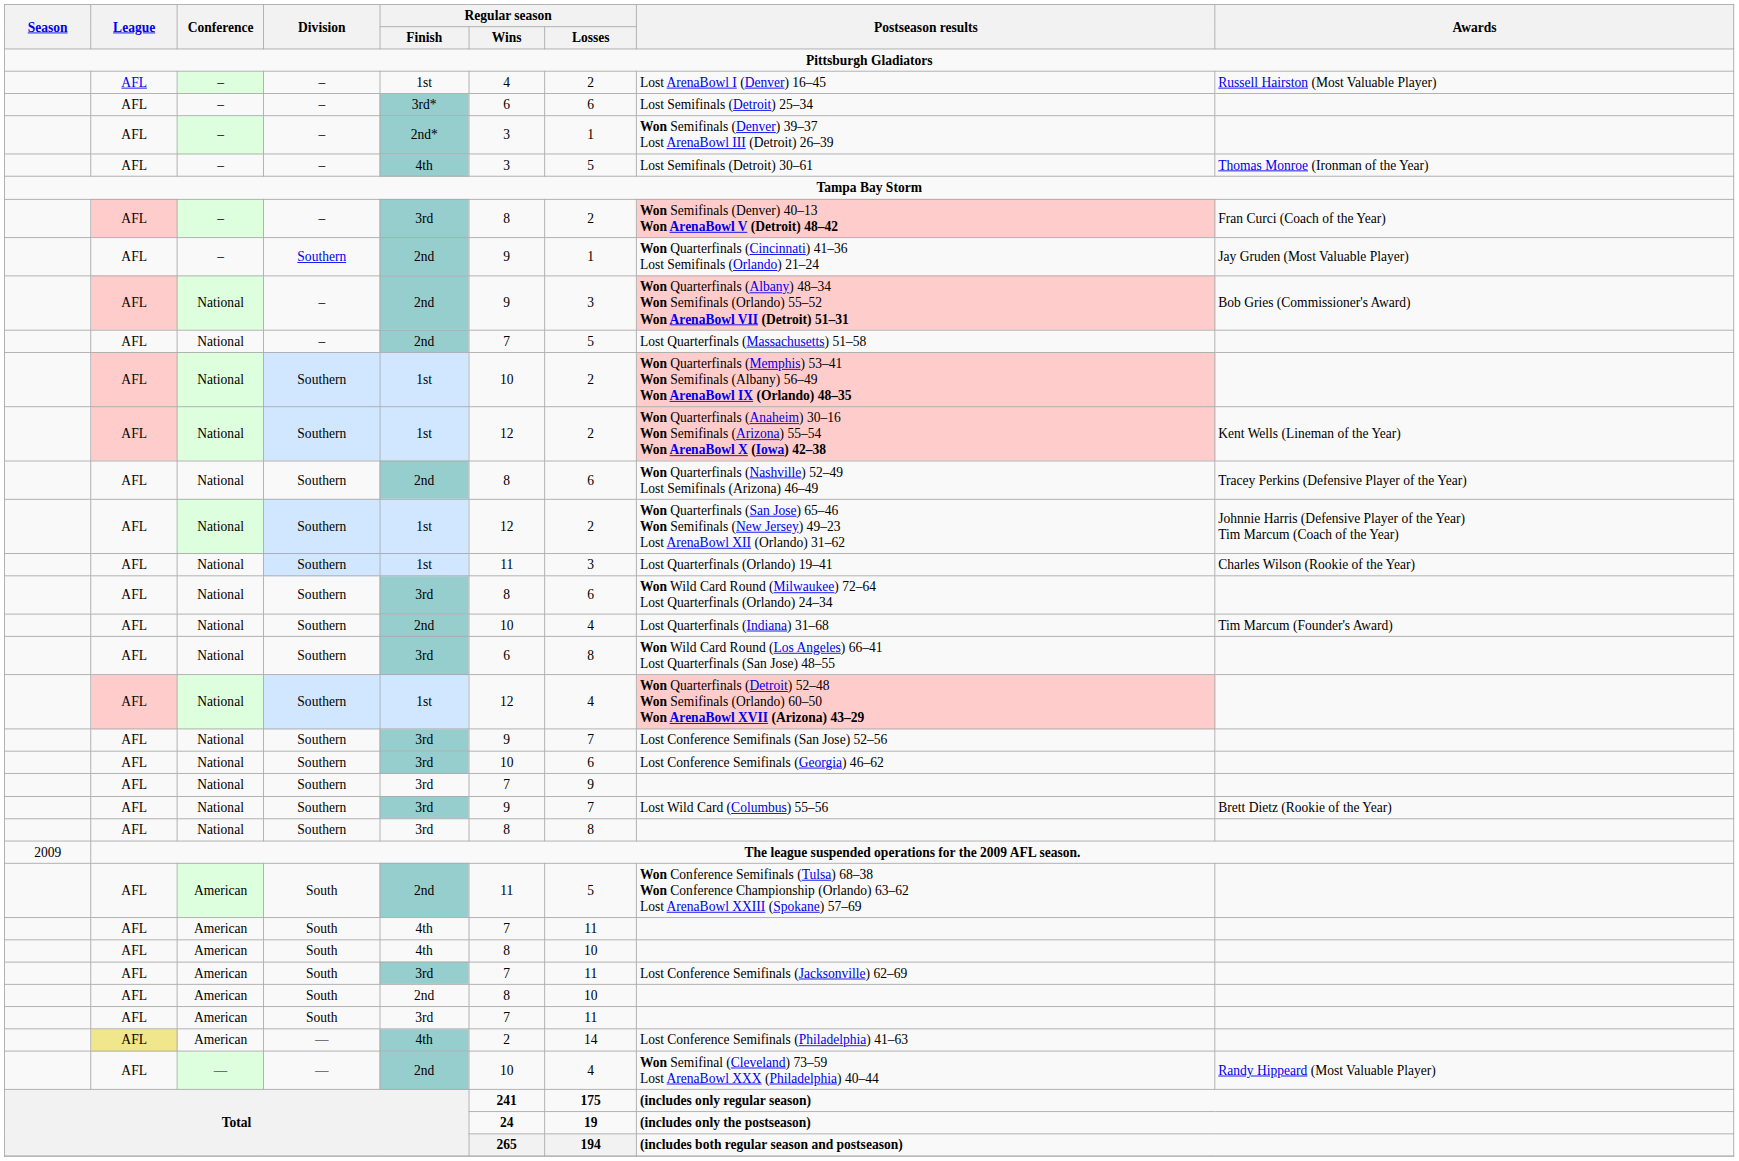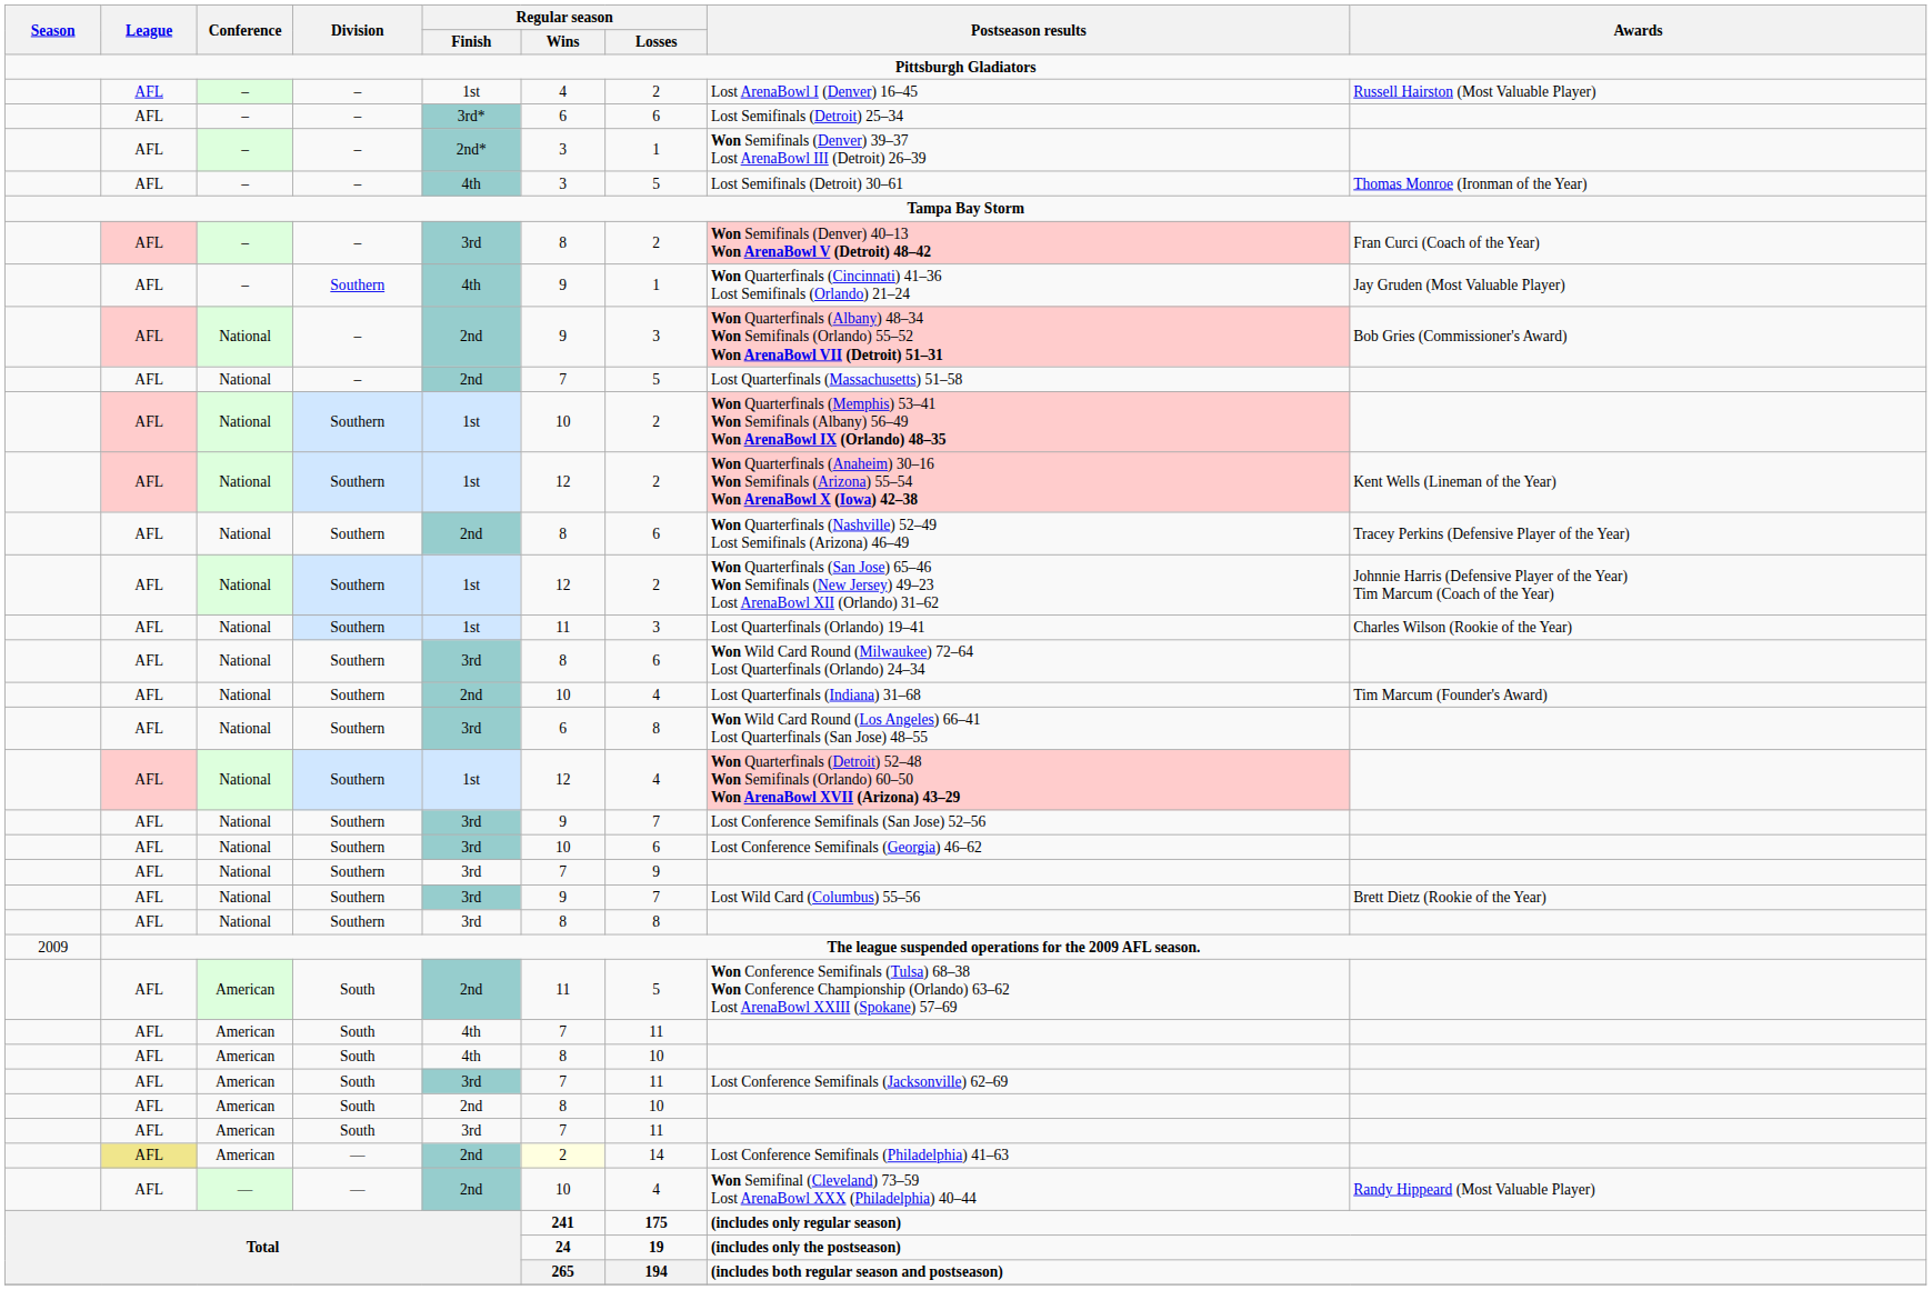 <table class="wikitable" style="font-size: 95%; width:98%;">
 <tr>
 <th rowspan="2" style="width:5%;"><a href='#'>Season</a></th>
 <th rowspan="2" style="width:5%;"><a href='#'>League</a></th>
 <th rowspan="2" style="width:5%;">Conference</th>
 <th rowspan="2">Division</th>
 <th colspan="3">Regular season</th>
 <th rowspan="2">Postseason results</th>
 <th rowspan="2" style="width:30%;">Awards</th>
 </tr>
 <tr>
 <th>Finish</th>
 <th>Wins</th>
 <th>Losses</th>
 </tr>
 <tr>
 <td align="center" Colspan="9"><strong>Pittsburgh Gladiators</strong></td>
 </tr>
 <tr>
 <td align="center"></td>
 <td align="center"><a href='#'>AFL</a></td>
 <td align="center" bgcolor="#DDFFDD">–</td>
 <td align="center">–</td>
 <td align="center">1st</td>
 <td align="center">4</td>
 <td align="center">2</td>
 <td>Lost <a href='#'>ArenaBowl I</a> (<a href='#'>Denver</a>) 16–45</td>
 <td><a href='#'>Russell Hairston</a> (Most Valuable Player)</td>
 </tr>
 <tr>
 <td align="center"></td>
 <td align="center">AFL</td>
 <td align="center">–</td>
 <td align="center">–</td>
 <td align="center" bgcolor="#96CDCD">3rd*</td>
 <td align="center">6</td>
 <td align="center">6</td>
 <td>Lost Semifinals (<a href='#'>Detroit</a>) 25–34</td>
 <td></td>
 </tr>
 <tr>
 <td align="center"></td>
 <td align="center">AFL</td>
 <td align="center" bgcolor="#DDFFDD">–</td>
 <td align="center">–</td>
 <td align="center" bgcolor="#96CDCD">2nd*</td>
 <td align="center">3</td>
 <td align="center">1</td>
 <td><strong>Won</strong> Semifinals (<a href='#'>Denver</a>) 39–37 <br> Lost <a href='#'>ArenaBowl III</a> (Detroit) 26–39</td>
 <td></td>
 </tr>
 <tr>
 <td align="center"></td>
 <td align="center">AFL</td>
 <td align="center">–</td>
 <td align="center">–</td>
 <td align="center" bgcolor="#96CDCD">4th</td>
 <td align="center">3</td>
 <td align="center">5</td>
 <td>Lost Semifinals (Detroit) 30–61</td>
 <td><a href='#'>Thomas Monroe</a> (Ironman of the Year)</td>
 </tr>
 <tr>
 <td align="center" Colspan="9"><strong>Tampa Bay Storm</strong></td>
 </tr>
 <tr>
 <td align="center"></td>
 <td align="center" style="background: #FFCCCC;">AFL</td>
 <td align="center" bgcolor="#DDFFDD">–</td>
 <td align="center">–</td>
 <td align="center" bgcolor="#96CDCD">3rd</td>
 <td align="center">8</td>
 <td align="center">2</td>
 <td style="background: #FFCCCC;"><strong>Won</strong> Semifinals (Denver) 40–13 <br><strong>Won <a href='#'>ArenaBowl V</a> (Detroit) 48–42</strong></td>
 <td>Fran Curci (Coach of the Year)</td>
 </tr>
 <tr>
 <td align="center"></td>
 <td align="center">AFL</td>
 <td align="center">–</td>
 <td align="center"><a href='#'>Southern</a></td>
-<td align="center" bgcolor="#96CDCD">2nd</td>
+<td align="center" bgcolor="#96CDCD">4th</td>
 <td align="center">9</td>
 <td align="center">1</td>
 <td><strong>Won</strong> Quarterfinals (<a href='#'>Cincinnati</a>) 41–36 <br> Lost Semifinals (<a href='#'>Orlando</a>) 21–24</td>
 <td>Jay Gruden (Most Valuable Player)</td>
 </tr>
 <tr>
 <td align="center"></td>
 <td align="center" style="background: #FFCCCC;">AFL</td>
 <td align="center" bgcolor="#DDFFDD">National</td>
 <td align="center">–</td>
 <td align="center" bgcolor="#96CDCD">2nd</td>
 <td align="center">9</td>
 <td align="center">3</td>
 <td style="background: #FFCCCC;"><strong>Won</strong> Quarterfinals (<a href='#'>Albany</a>) 48–34 <br> <strong>Won</strong> Semifinals (Orlando) 55–52 <br> <strong>Won <a href='#'>ArenaBowl VII</a> (Detroit) 51–31</strong></td>
 <td>Bob Gries (Commissioner's Award)</td>
 </tr>
 <tr>
 <td align="center"></td>
 <td align="center">AFL</td>
 <td align="center">National</td>
 <td align="center">–</td>
 <td align="center" bgcolor="#96CDCD">2nd</td>
 <td align="center">7</td>
 <td align="center">5</td>
 <td>Lost Quarterfinals (<a href='#'>Massachusetts</a>) 51–58</td>
 <td></td>
 </tr>
 <tr>
 <td align="center"></td>
 <td align="center" style="background: #FFCCCC;">AFL</td>
 <td align="center" bgcolor="#DDFFDD">National</td>
 <td align="center" style="background: #D0E7FF;">Southern</td>
 <td align="center" style="background: #D0E7FF;">1st</td>
 <td align="center">10</td>
 <td align="center">2</td>
 <td style="background: #FFCCCC;"><strong>Won</strong> Quarterfinals (<a href='#'>Memphis</a>) 53–41 <br> <strong>Won</strong> Semifinals (Albany) 56–49 <br> <strong>Won <a href='#'>ArenaBowl IX</a> (Orlando) 48–35</strong></td>
 <td></td>
 </tr>
 <tr>
 <td align="center"></td>
 <td align="center" style="background: #FFCCCC;">AFL</td>
 <td align="center" bgcolor="#DDFFDD">National</td>
 <td align="center" style="background: #D0E7FF;">Southern</td>
 <td align="center" style="background: #D0E7FF;">1st</td>
 <td align="center">12</td>
 <td align="center">2</td>
 <td style="background: #FFCCCC;"><strong>Won</strong> Quarterfinals (<a href='#'>Anaheim</a>) 30–16 <br> <strong>Won</strong> Semifinals (<a href='#'>Arizona</a>) 55–54 <br> <strong>Won <a href='#'>ArenaBowl X</a> (<a href='#'>Iowa</a>) 42–38</strong></td>
 <td>Kent Wells (Lineman of the Year)</td>
 </tr>
 <tr>
 <td align="center"></td>
 <td align="center">AFL</td>
 <td align="center">National</td>
 <td align="center">Southern</td>
 <td align="center" bgcolor="#96CDCD">2nd</td>
 <td align="center">8</td>
 <td align="center">6</td>
 <td><strong>Won</strong> Quarterfinals (<a href='#'>Nashville</a>) 52–49<br> Lost Semifinals (Arizona) 46–49</td>
 <td>Tracey Perkins (Defensive Player of the Year)</td>
 </tr>
 <tr>
 <td align="center"></td>
 <td align="center">AFL</td>
 <td align="center" bgcolor="#DDFFDD">National</td>
 <td align="center" style="background: #D0E7FF;">Southern</td>
 <td align="center" style="background: #D0E7FF;">1st</td>
 <td align="center">12</td>
 <td align="center">2</td>
 <td><strong>Won</strong> Quarterfinals (<a href='#'>San Jose</a>) 65–46 <br> <strong>Won</strong> Semifinals (<a href='#'>New Jersey</a>) 49–23 <br> Lost <a href='#'>ArenaBowl XII</a> (Orlando) 31–62</td>
 <td>Johnnie Harris (Defensive Player of the Year) <br> Tim Marcum (Coach of the Year)</td>
 </tr>
 <tr>
 <td align="center"></td>
 <td align="center">AFL</td>
 <td align="center">National</td>
 <td align="center" style="background: #D0E7FF;">Southern</td>
 <td align="center" style="background: #D0E7FF;">1st</td>
 <td align="center">11</td>
 <td align="center">3</td>
 <td>Lost Quarterfinals (Orlando) 19–41</td>
 <td>Charles Wilson (Rookie of the Year)</td>
 </tr>
 <tr>
 <td align="center"></td>
 <td align="center">AFL</td>
 <td align="center">National</td>
 <td align="center">Southern</td>
 <td align="center" bgcolor="#96CDCD">3rd</td>
 <td align="center">8</td>
 <td align="center">6</td>
 <td><strong>Won</strong> Wild Card Round (<a href='#'>Milwaukee</a>) 72–64 <br> Lost Quarterfinals (Orlando) 24–34</td>
 <td></td>
 </tr>
 <tr>
 <td align="center"></td>
 <td align="center">AFL</td>
 <td align="center">National</td>
 <td align="center">Southern</td>
 <td align="center" bgcolor="#96CDCD">2nd</td>
 <td align="center">10</td>
 <td align="center">4</td>
 <td>Lost Quarterfinals (<a href='#'>Indiana</a>) 31–68</td>
 <td>Tim Marcum (Founder's Award)</td>
 </tr>
 <tr>
 <td align="center"></td>
 <td align="center">AFL</td>
 <td align="center">National</td>
 <td align="center">Southern</td>
 <td align="center" bgcolor="#96CDCD">3rd</td>
 <td align="center">6</td>
 <td align="center">8</td>
 <td><strong>Won</strong> Wild Card Round (<a href='#'>Los Angeles</a>) 66–41 <br> Lost Quarterfinals (San Jose) 48–55</td>
 <td></td>
 </tr>
 <tr>
 <td align="center"></td>
 <td align="center" style="background: #FFCCCC;">AFL</td>
 <td align="center" bgcolor="#DDFFDD">National</td>
 <td align="center" style="background: #D0E7FF;">Southern</td>
 <td align="center" style="background: #D0E7FF;">1st</td>
 <td align="center">12</td>
 <td align="center">4</td>
 <td style="background: #FFCCCC;"><strong>Won</strong> Quarterfinals (<a href='#'>Detroit</a>) 52–48 <br> <strong>Won</strong> Semifinals (Orlando) 60–50 <br> <strong>Won <a href='#'>ArenaBowl XVII</a> (Arizona) 43–29</strong></td>
 <td></td>
 </tr>
 <tr>
 <td align="center"></td>
 <td align="center">AFL</td>
 <td align="center">National</td>
 <td align="center">Southern</td>
 <td align="center" bgcolor="#96CDCD">3rd</td>
 <td align="center">9</td>
 <td align="center">7</td>
 <td>Lost Conference Semifinals (San Jose) 52–56</td>
 <td></td>
 </tr>
 <tr>
 <td align="center"></td>
 <td align="center">AFL</td>
 <td align="center">National</td>
 <td align="center">Southern</td>
 <td align="center" bgcolor="#96CDCD">3rd</td>
 <td align="center">10</td>
 <td align="center">6</td>
 <td>Lost Conference Semifinals (<a href='#'>Georgia</a>) 46–62</td>
 <td></td>
 </tr>
 <tr>
 <td align="center"></td>
 <td align="center">AFL</td>
 <td align="center">National</td>
 <td align="center">Southern</td>
 <td align="center">3rd</td>
 <td align="center">7</td>
 <td align="center">9</td>
 <td></td>
 <td></td>
 </tr>
 <tr>
 <td align="center"></td>
 <td align="center">AFL</td>
 <td align="center">National</td>
 <td align="center">Southern</td>
 <td align="center" bgcolor="#96CDCD">3rd</td>
 <td align="center">9</td>
 <td align="center">7</td>
 <td>Lost Wild Card (<a href='#'>Columbus</a>) 55–56</td>
 <td>Brett Dietz (Rookie of the Year)</td>
 </tr>
 <tr>
 <td align="center"></td>
 <td align="center">AFL</td>
 <td align="center">National</td>
 <td align="center">Southern</td>
 <td align="center">3rd</td>
 <td align="center">8</td>
 <td align="center">8</td>
 <td></td>
 <td></td>
 </tr>
 <tr>
 <td align="center">2009</td>
 <td align="center" Colspan="8"><strong>The league suspended operations for the 2009 AFL season.</strong></td>
 </tr>
 <tr>
 <td align="center"></td>
 <td align="center">AFL</td>
 <td align="center" bgcolor="#DDFFDD">American</td>
 <td align="center">South</td>
 <td align="center" bgcolor="#96CDCD">2nd</td>
 <td align="center">11</td>
 <td align="center">5</td>
 <td><strong>Won</strong> Conference Semifinals (<a href='#'>Tulsa</a>) 68–38 <br> <strong>Won</strong> Conference Championship (Orlando) 63–62 <br> Lost <a href='#'>ArenaBowl XXIII</a> (<a href='#'>Spokane</a>) 57–69</td>
 <td></td>
 </tr>
 <tr>
 <td align="center"></td>
 <td align="center">AFL</td>
 <td align="center">American</td>
 <td align="center">South</td>
 <td align="center">4th</td>
 <td align="center">7</td>
 <td align="center">11</td>
 <td></td>
 <td></td>
 </tr>
 <tr>
 <td align="center"></td>
 <td align="center">AFL</td>
 <td align="center">American</td>
 <td align="center">South</td>
 <td align="center">4th</td>
 <td align="center">8</td>
 <td align="center">10</td>
 <td></td>
 <td></td>
 </tr>
 <tr>
 <td align="center"></td>
 <td align="center">AFL</td>
 <td align="center">American</td>
 <td align="center">South</td>
 <td align="center" bgcolor="#96CDCD">3rd</td>
 <td align="center">7</td>
 <td align="center">11</td>
 <td>Lost Conference Semifinals (<a href='#'>Jacksonville</a>) 62–69</td>
 <td></td>
 </tr>
 <tr>
 <td align="center"></td>
 <td align="center">AFL</td>
 <td align="center">American</td>
 <td align="center">South</td>
 <td align="center">2nd</td>
 <td align="center">8</td>
 <td align="center">10</td>
 <td></td>
 <td></td>
 </tr>
 <tr>
 <td align="center"></td>
 <td align="center">AFL</td>
 <td align="center">American</td>
 <td align="center">South</td>
 <td align="center">3rd</td>
 <td align="center">7</td>
 <td align="center">11</td>
 <td></td>
 <td></td>
 </tr>
 <tr>
 <td align="center"></td>
 <td align="center" style="background: khaki;">AFL</td>
 <td align="center">American</td>
 <td align="center">—</td>
-<td align="center" bgcolor="#96CDCD">4th</td>
-<td align="center">2</td>
+<td align="center" bgcolor="#96CDCD">2nd</td>
+<td align="center" style="background: lightyellow;">2</td>
 <td align="center">14</td>
 <td>Lost Conference Semifinals (<a href='#'>Philadelphia</a>) 41–63</td>
 <td></td>
 </tr>
 <tr>
 <td align="center"></td>
 <td align="center">AFL</td>
 <td align="center" bgcolor="#DDFFDD">—</td>
 <td align="center">—</td>
 <td align="center" bgcolor="#96CDCD">2nd</td>
 <td align="center">10</td>
 <td align="center">4</td>
 <td><strong>Won</strong> Semifinal (<a href='#'>Cleveland</a>) 73–59 <br> Lost <a href='#'>ArenaBowl XXX</a> (<a href='#'>Philadelphia</a>) 40–44</td>
 <td><a href='#'>Randy Hippeard</a> (Most Valuable Player)</td>
 </tr>
 <tr>
 <th align="center" rowSpan="3" colSpan="5">Total</th>
 <td align="center"><strong>241</strong></td>
 <td align="center"><strong>175</strong></td>
 <td colSpan="2"><strong>(includes only regular season)</strong></td>
 </tr>
 <tr>
 <td align="center"><strong>24</strong></td>
 <td align="center"><strong>19</strong></td>
 <td colSpan="2"><strong>(includes only the postseason)</strong></td>
 </tr>
 <tr>
 <th align="center">265</th>
 <th align="center">194</th>
 <td colSpan="2"><strong>(includes both regular season and postseason)</strong></td>
 </tr>
 <tr>
 </tr>
 </table>
